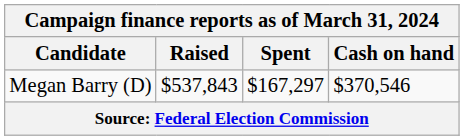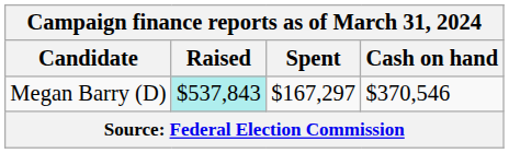 <table class="wikitable sortable">
 <tr>
 <th colspan=4>Campaign finance reports as of March 31, 2024</th>
 </tr>
 <tr style="text-align:center;">
 <th>Candidate</th>
 <th>Raised</th>
 <th>Spent</th>
 <th>Cash on hand</th>
 </tr>
 <tr>
 <td>Megan Barry (D)</td>
-<td>$537,843</td>
+<td style="background: paleturquoise;">$537,843</td>
 <td>$167,297</td>
 <td>$370,546</td>
 </tr>
 <tr>
 <th colspan="4"><small>Source: <a href='#'>Federal Election Commission</a></small></th>
 </tr>
 </table>
